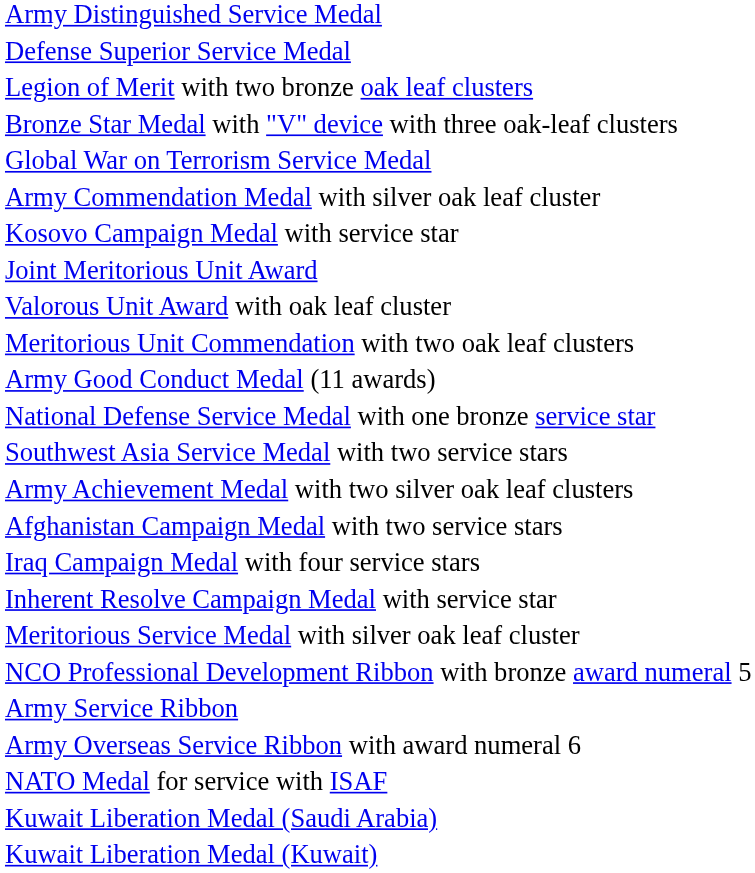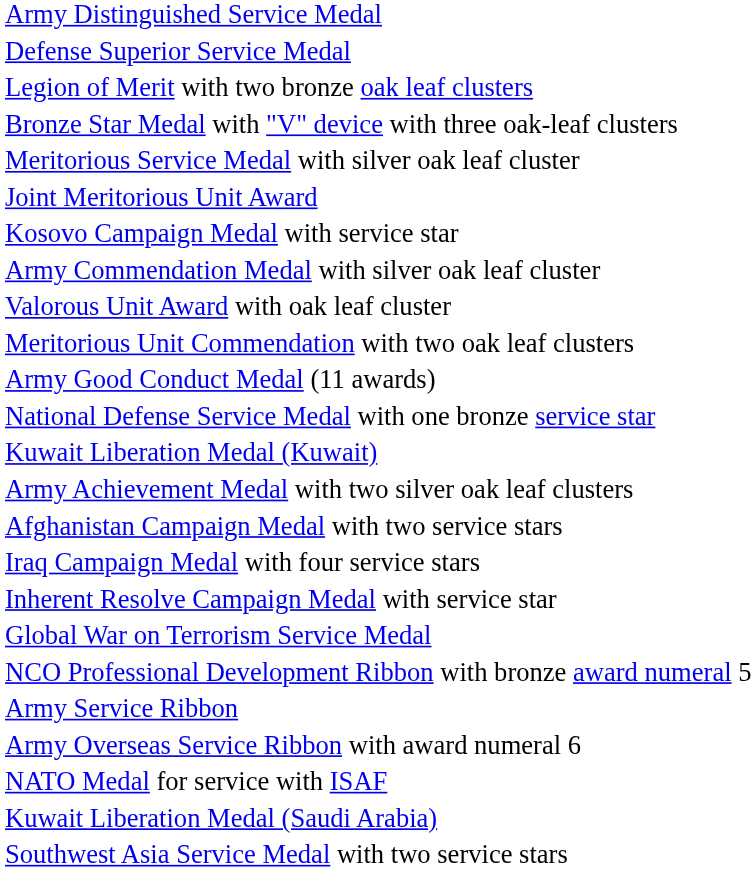 <table>
 <tr>
 <td> <a href='#'>Army Distinguished Service Medal</a></td>
 </tr>
 <tr>
 <td> <a href='#'>Defense Superior Service Medal</a></td>
 </tr>
 <tr>
 <td><span></span><span></span> <a href='#'>Legion of Merit</a> with two bronze <a href='#'>oak leaf clusters</a></td>
 </tr>
 <tr>
 <td> <a href='#'>Bronze Star Medal</a> with <a href='#'>"V" device</a> with three oak-leaf clusters</td>
 </tr>
 <tr>
-<td> <a href='#'>Global War on Terrorism Service Medal</a></td>
+<td> <a href='#'>Meritorious Service Medal</a> with silver oak leaf cluster</td>
 </tr>
 <tr>
-<td> <a href='#'>Army Commendation Medal</a> with silver oak leaf cluster</td>
+<td> <a href='#'>Joint Meritorious Unit Award</a></td>
 </tr>
 <tr>
 <td> <a href='#'>Kosovo Campaign Medal</a> with service star</td>
 </tr>
 <tr>
-<td> <a href='#'>Joint Meritorious Unit Award</a></td>
+<td> <a href='#'>Army Commendation Medal</a> with silver oak leaf cluster</td>
 </tr>
 <tr>
 <td> <a href='#'>Valorous Unit Award</a> with oak leaf cluster</td>
 </tr>
 <tr>
 <td><span></span><span></span> <a href='#'>Meritorious Unit Commendation</a> with two oak leaf clusters</td>
 </tr>
 <tr>
 <td><span></span> <a href='#'>Army Good Conduct Medal</a> (11 awards)</td>
 </tr>
 <tr>
 <td> <a href='#'>National Defense Service Medal</a> with one bronze <a href='#'>service star</a></td>
 </tr>
 <tr>
-<td><span></span><span></span> <a href='#'>Southwest Asia Service Medal</a> with two service stars</td>
+<td> <a href='#'>Kuwait Liberation Medal (Kuwait)</a></td>
 </tr>
 <tr>
 <td><span></span><span></span> <a href='#'>Army Achievement Medal</a> with two silver oak leaf clusters</td>
 </tr>
 <tr>
 <td><span></span><span></span> <a href='#'>Afghanistan Campaign Medal</a> with two service stars</td>
 </tr>
 <tr>
 <td><span></span><span></span><span></span><span></span> <a href='#'>Iraq Campaign Medal</a> with four service stars</td>
 </tr>
 <tr>
 <td> <a href='#'>Inherent Resolve Campaign Medal</a> with service star</td>
 </tr>
 <tr>
-<td> <a href='#'>Meritorious Service Medal</a> with silver oak leaf cluster</td>
+<td> <a href='#'>Global War on Terrorism Service Medal</a></td>
 </tr>
 <tr>
 <td><span></span> <a href='#'>NCO Professional Development Ribbon</a> with bronze <a href='#'>award numeral</a> 5</td>
 </tr>
 <tr>
 <td> <a href='#'>Army Service Ribbon</a></td>
 </tr>
 <tr>
 <td><span></span> <a href='#'>Army Overseas Service Ribbon</a> with award numeral 6</td>
 </tr>
 <tr>
 <td> <a href='#'>NATO Medal</a> for service with <a href='#'>ISAF</a></td>
 </tr>
 <tr>
 <td> <a href='#'>Kuwait Liberation Medal (Saudi Arabia)</a></td>
 </tr>
 <tr>
-<td> <a href='#'>Kuwait Liberation Medal (Kuwait)</a></td>
+<td><span></span><span></span> <a href='#'>Southwest Asia Service Medal</a> with two service stars</td>
 </tr>
 </table>
